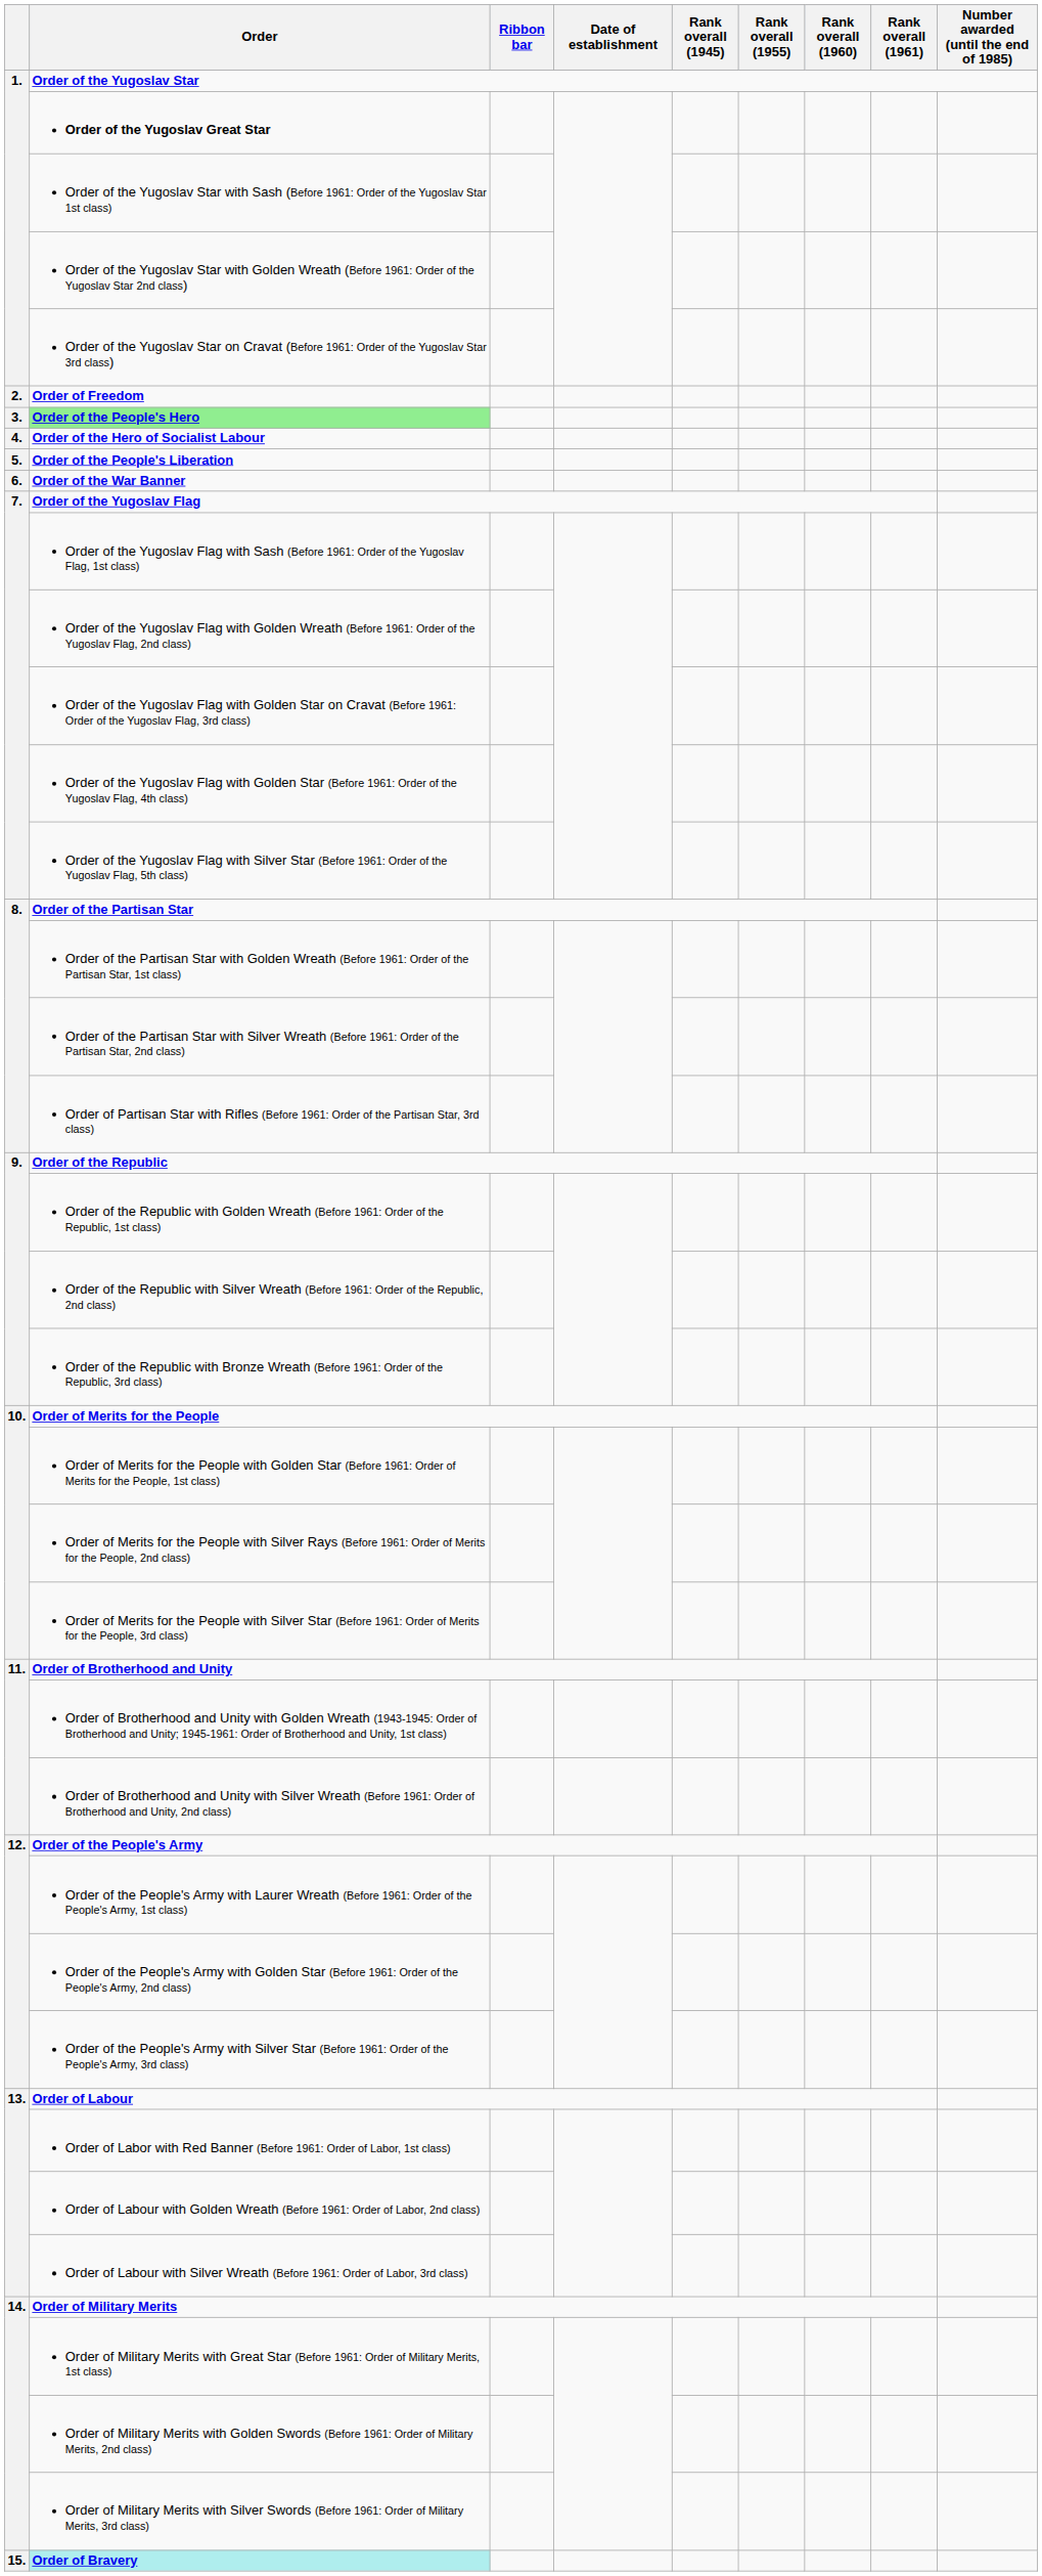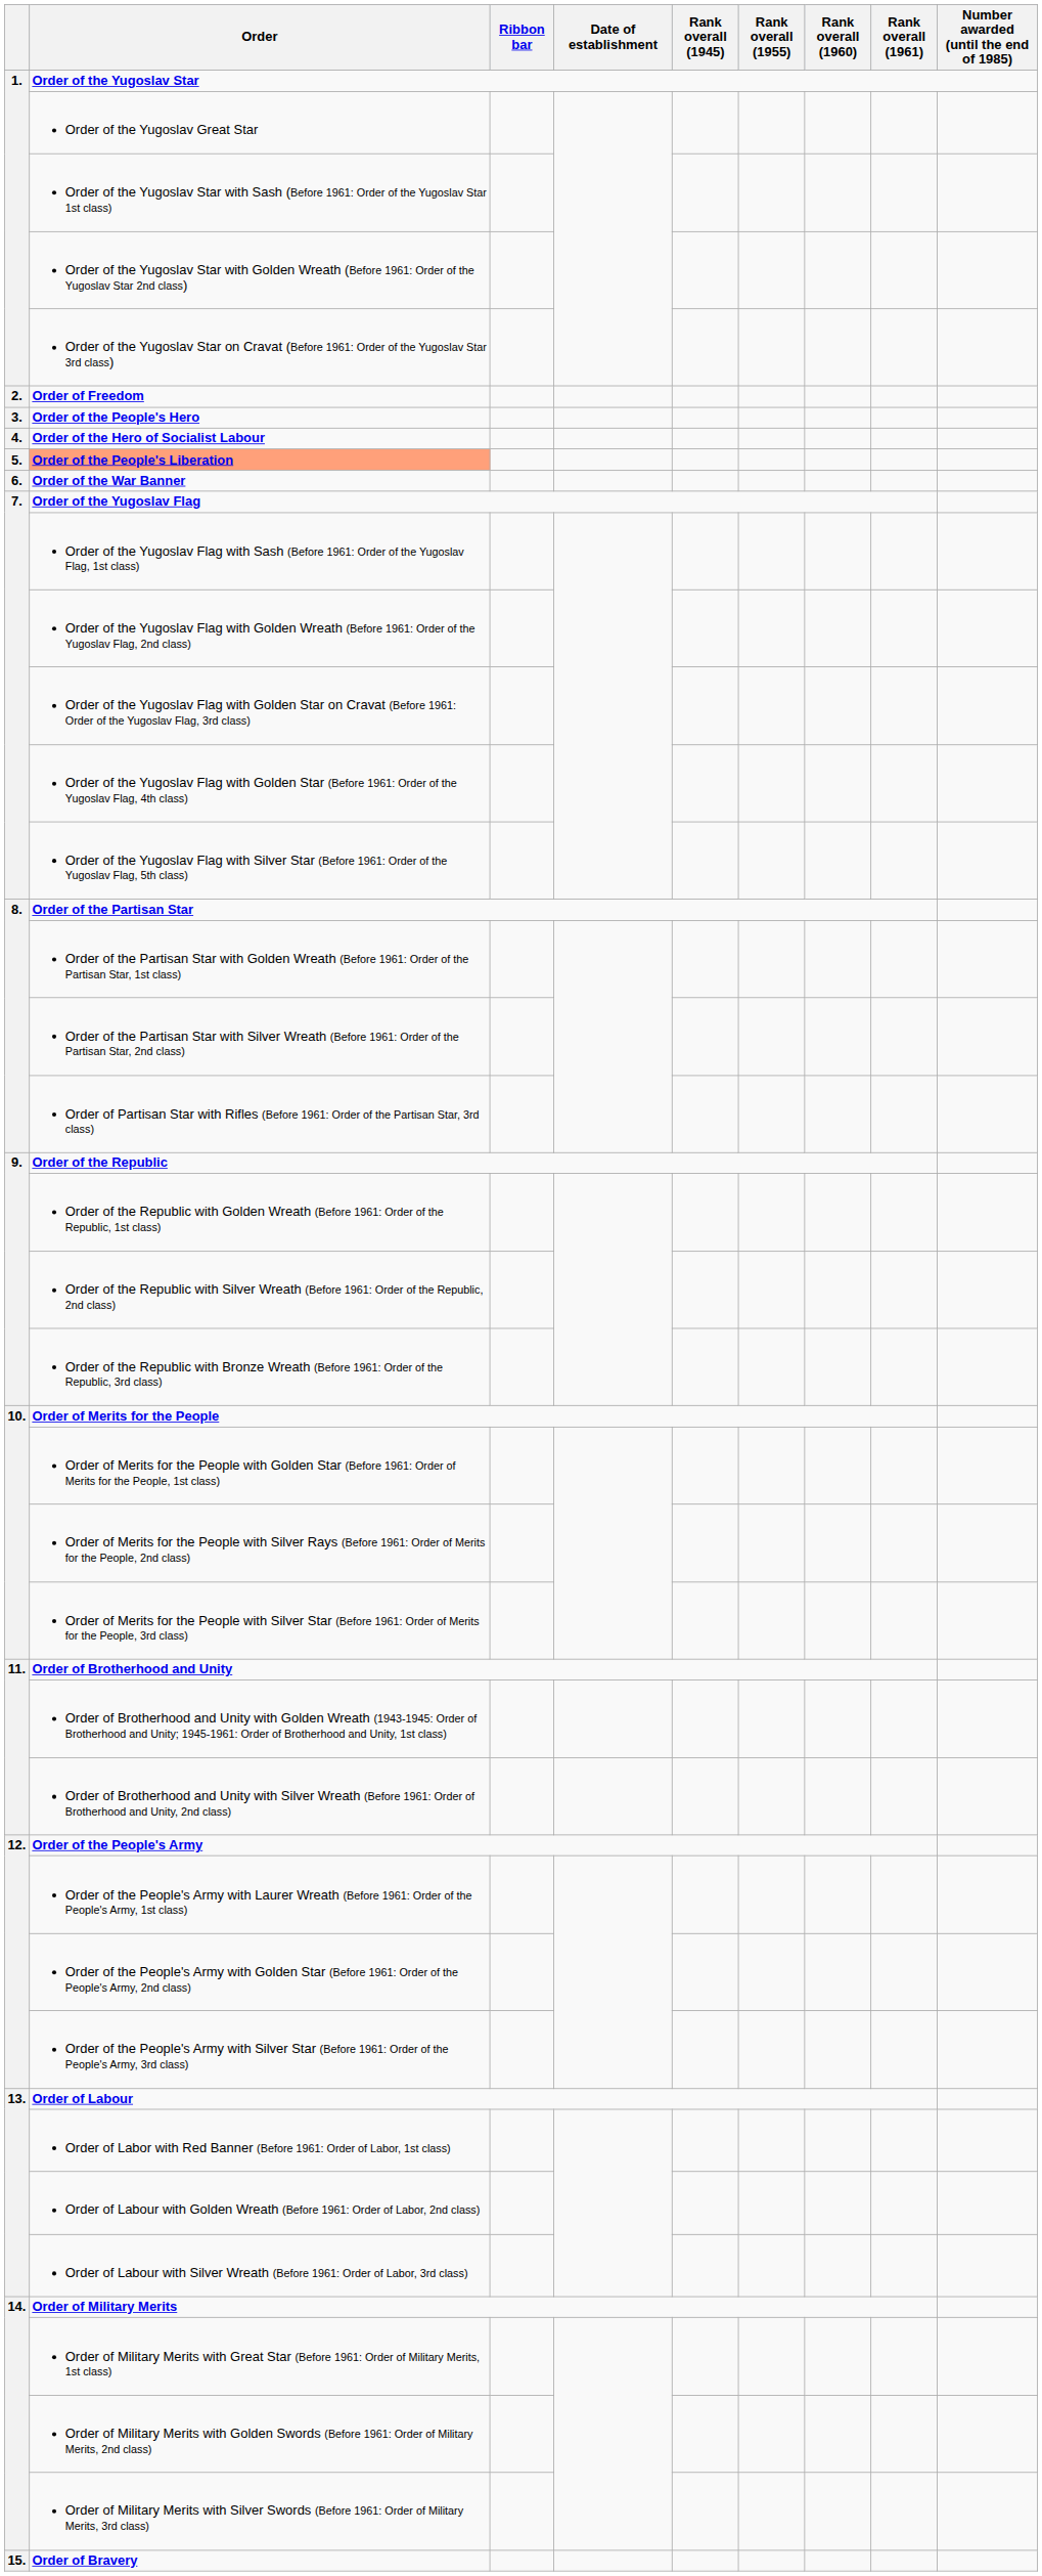 <table class="wikitable">
 <tr align="center" bgcolor="lightsteelblue">
 <th></th>
 <th>Order</th>
 <th><a href='#'>Ribbon bar</a></th>
 <th>Date of establishment</th>
 <th>Rank overall<br>(1945)</th>
 <th>Rank overall<br>(1955)</th>
 <th>Rank overall<br>(1960)</th>
 <th>Rank overall<br>(1961)</th>
 <th>Number awarded<br>(until the end of 1985)</th>
 </tr>
 <tr>
 <th valign="top" rowspan = 5>1.</th>
 <td colspan="8" valign="top"><strong><a href='#'>Order of the Yugoslav Star</a></strong></td>
 </tr>
 <tr f>
-<td><strong><br><ul><li>Order of the Yugoslav Great Star</li></ul></strong></td>
+<td><br><ul><li>Order of the Yugoslav Great Star</li></ul></td>
 <td></td>
 <td rowspan="4"></td>
 <td></td>
 <td></td>
 <td></td>
 <td></td>
 <td></td>
 </tr>
 <tr>
 <td><br><ul><li>Order of the Yugoslav Star with Sash (<small>Before 1961: Order of the Yugoslav Star 1st class)</small></li></ul></td>
 <td></td>
 <td></td>
 <td></td>
 <td></td>
 <td></td>
 <td></td>
 </tr>
 <tr>
 <td><br><ul><li>Order of the Yugoslav Star with Golden Wreath (<small>Before 1961: Order of the Yugoslav Star 2nd class</small>)</li></ul></td>
 <td></td>
 <td></td>
 <td></td>
 <td></td>
 <td></td>
 <td></td>
 </tr>
 <tr>
 <td><br><ul><li>Order of the Yugoslav Star on Cravat (<small>Before 1961: Order of the Yugoslav Star 3rd class</small>)</li></ul></td>
 <td></td>
 <td></td>
 <td></td>
 <td></td>
 <td></td>
 <td></td>
 </tr>
 <tr>
 <th valign="top">2.</th>
 <td valign="top"><strong><a href='#'>Order of Freedom</a></strong></td>
 <td></td>
 <td></td>
 <td></td>
 <td></td>
 <td></td>
 <td></td>
 <td></td>
 </tr>
 <tr>
 <th valign="top">3.</th>
-<td valign="top" style="background: lightgreen;"><strong><a href='#'>Order of the People's Hero</a></strong></td>
+<td valign="top"><strong><a href='#'>Order of the People's Hero</a></strong></td>
 <td></td>
 <td></td>
 <td></td>
 <td></td>
 <td></td>
 <td></td>
 <td></td>
 </tr>
 <tr>
 <th valign="top">4.</th>
 <td valign="top"><strong><a href='#'>Order of the Hero of Socialist Labour</a></strong></td>
 <td></td>
 <td></td>
 <td></td>
 <td></td>
 <td></td>
 <td></td>
 <td></td>
 </tr>
 <tr>
 <th valign="top">5.</th>
-<td valign="top"><strong><a href='#'>Order of the People's Liberation</a></strong></td>
+<td valign="top" style="background: lightsalmon;"><strong><a href='#'>Order of the People's Liberation</a></strong></td>
 <td></td>
 <td></td>
 <td></td>
 <td></td>
 <td></td>
 <td></td>
 <td></td>
 </tr>
 <tr>
 <th valign="top">6.</th>
 <td valign="top"><strong><a href='#'>Order of the War Banner</a></strong></td>
 <td></td>
 <td></td>
 <td></td>
 <td></td>
 <td></td>
 <td></td>
 <td></td>
 </tr>
 <tr>
 <th valign="top" rowspan = 6>7.</th>
 <td colspan="7" valign="top"><strong><a href='#'>Order of the Yugoslav Flag</a></strong></td>
 <td></td>
 </tr>
 <tr>
 <td><br><ul><li>Order of the Yugoslav Flag with Sash <small>(Before 1961: Order of the Yugoslav Flag, 1st class)</small></li></ul></td>
 <td></td>
 <td rowspan="5" valign="center"></td>
 <td></td>
 <td></td>
 <td></td>
 <td></td>
 <td></td>
 </tr>
 <tr>
 <td><br><ul><li>Order of the Yugoslav Flag with Golden Wreath <small>(Before 1961: Order of the Yugoslav Flag, 2nd class)</small></li></ul></td>
 <td></td>
 <td></td>
 <td></td>
 <td></td>
 <td></td>
 <td></td>
 </tr>
 <tr>
 <td><br><ul><li>Order of the Yugoslav Flag with Golden Star on Cravat <small>(Before 1961: Order of the Yugoslav Flag, 3rd class)</small></li></ul></td>
 <td></td>
 <td></td>
 <td></td>
 <td></td>
 <td></td>
 <td></td>
 </tr>
 <tr>
 <td><br><ul><li>Order of the Yugoslav Flag with Golden Star <small>(Before 1961: Order of the Yugoslav Flag, 4th class)</small></li></ul></td>
 <td></td>
 <td></td>
 <td></td>
 <td></td>
 <td></td>
 <td></td>
 </tr>
 <tr>
 <td><br><ul><li>Order of the Yugoslav Flag with Silver Star <small>(Before 1961: Order of the Yugoslav Flag, 5th class)</small></li></ul></td>
 <td></td>
 <td></td>
 <td></td>
 <td></td>
 <td></td>
 <td></td>
 </tr>
 <tr>
 <th valign="top" rowspan = 4>8.</th>
 <td colspan="7" valign="top"><strong><a href='#'>Order of the Partisan Star</a></strong></td>
 </tr>
 <tr>
 <td><br><ul><li>Order of the Partisan Star with Golden Wreath <small>(Before 1961: Order of the Partisan Star, 1st class)</small></li></ul></td>
 <td></td>
 <td valign="center" rowspan = 3></td>
 <td></td>
 <td></td>
 <td></td>
 <td></td>
 <td></td>
 </tr>
 <tr>
 <td><br><ul><li>Order of the Partisan Star with Silver Wreath <small>(Before 1961: Order of the Partisan Star, 2nd class)</small></li></ul></td>
 <td></td>
 <td></td>
 <td></td>
 <td></td>
 <td></td>
 <td></td>
 </tr>
 <tr>
 <td><br><ul><li>Order of Partisan Star with Rifles <small>(Before 1961: Order of the Partisan Star, 3rd class)</small></li></ul></td>
 <td></td>
 <td></td>
 <td></td>
 <td></td>
 <td></td>
 <td></td>
 </tr>
 <tr>
 <th valign="top" rowspan = 4>9.</th>
 <td colspan="7" valign="top"><strong><a href='#'>Order of the Republic</a></strong></td>
 </tr>
 <tr>
 <td><br><ul><li>Order of the Republic with Golden Wreath <small>(Before 1961: Order of the Republic, 1st class)</small></li></ul></td>
 <td></td>
 <td valign="center" rowspan = 3></td>
 <td></td>
 <td></td>
 <td></td>
 <td></td>
 <td></td>
 </tr>
 <tr>
 <td><br><ul><li>Order of the Republic with Silver Wreath <small>(Before 1961: Order of the Republic, 2nd class)</small></li></ul></td>
 <td></td>
 <td></td>
 <td></td>
 <td></td>
 <td></td>
 <td></td>
 </tr>
 <tr>
 <td><br><ul><li>Order of the Republic with Bronze Wreath <small>(Before 1961: Order of the Republic, 3rd class)</small></li></ul></td>
 <td></td>
 <td></td>
 <td></td>
 <td></td>
 <td></td>
 <td></td>
 </tr>
 <tr>
 <th valign="top" rowspan = 4>10.</th>
 <td colspan="7" valign="top"><strong><a href='#'>Order of Merits for the People</a></strong></td>
 </tr>
 <tr>
 <td><br><ul><li>Order of Merits for the People with Golden Star <small>(Before 1961: Order of Merits for the People, 1st class)</small></li></ul></td>
 <td></td>
 <td valign="center" rowspan = 3></td>
 <td></td>
 <td></td>
 <td></td>
 <td></td>
 <td></td>
 </tr>
 <tr>
 <td><br><ul><li>Order of Merits for the People with Silver Rays <small>(Before 1961: Order of Merits for the People, 2nd class)</small></li></ul></td>
 <td></td>
 <td></td>
 <td></td>
 <td></td>
 <td></td>
 <td></td>
 </tr>
 <tr>
 <td><br><ul><li>Order of Merits for the People with Silver Star <small>(Before 1961: Order of Merits for the People, 3rd class)</small></li></ul></td>
 <td></td>
 <td></td>
 <td></td>
 <td></td>
 <td></td>
 <td></td>
 </tr>
 <tr>
 <th rowspan="3" valign="top">11.</th>
 <td colspan="7" valign="top"><strong><a href='#'>Order of Brotherhood and Unity</a></strong></td>
 </tr>
 <tr>
 <td><br><ul><li>Order of Brotherhood and Unity with Golden Wreath <small>(1943-1945:  Order of Brotherhood and Unity; 1945-1961: Order of Brotherhood and Unity, 1st class)</small></li></ul></td>
 <td></td>
 <td valign="center"></td>
 <td></td>
 <td></td>
 <td></td>
 <td></td>
 <td></td>
 </tr>
 <tr>
 <td><br><ul><li>Order of Brotherhood and Unity with Silver Wreath <small>(Before 1961: Order of Brotherhood and Unity, 2nd class)</small></li></ul></td>
 <td></td>
 <td></td>
 <td></td>
 <td></td>
 <td></td>
 <td></td>
 <td></td>
 </tr>
 <tr>
 <th rowspan="4" valign="top">12.</th>
 <td colspan="7" valign="top"><strong><a href='#'>Order of the People's Army</a></strong></td>
 </tr>
 <tr>
 <td><br><ul><li>Order of the People's Army with Laurer Wreath <small>(Before 1961: Order of the People's Army, 1st class)</small></li></ul></td>
 <td></td>
 <td rowspan="3" valign="center"></td>
 <td></td>
 <td></td>
 <td></td>
 <td></td>
 <td></td>
 </tr>
 <tr>
 <td><br><ul><li>Order of the People's Army with Golden Star <small>(Before 1961: Order of the People's Army, 2nd class)</small></li></ul></td>
 <td></td>
 <td></td>
 <td></td>
 <td></td>
 <td></td>
 <td></td>
 </tr>
 <tr>
 <td><br><ul><li>Order of the People's Army with Silver Star <small>(Before 1961: Order of the People's Army, 3rd class)</small></li></ul></td>
 <td></td>
 <td></td>
 <td></td>
 <td></td>
 <td></td>
 <td></td>
 </tr>
 <tr>
 <th rowspan="4" valign="top">13.</th>
 <td colspan="7" valign="top"><strong><a href='#'>Order of Labour</a></strong></td>
 </tr>
 <tr>
 <td><br><ul><li>Order of Labor with Red Banner <small>(Before 1961: Order of Labor, 1st class)</small></li></ul></td>
 <td></td>
 <td rowspan="3" valign="center"></td>
 <td></td>
 <td></td>
 <td></td>
 <td></td>
 <td></td>
 </tr>
 <tr>
 <td><br><ul><li>Order of Labour with Golden Wreath <small>(Before 1961: Order of Labor, 2nd class)</small></li></ul></td>
 <td></td>
 <td></td>
 <td></td>
 <td></td>
 <td></td>
 <td></td>
 </tr>
 <tr>
 <td><br><ul><li>Order of Labour with Silver Wreath <small>(Before 1961: Order of Labor, 3rd class)</small></li></ul></td>
 <td></td>
 <td></td>
 <td></td>
 <td></td>
 <td></td>
 <td></td>
 </tr>
 <tr>
 <th rowspan="4" valign="top">14.</th>
 <td colspan="7" valign="top"><strong><a href='#'>Order of Military Merits</a></strong></td>
 </tr>
 <tr>
 <td><br><ul><li>Order of Military Merits with Great Star <small>(Before 1961: Order of Military Merits, 1st class)</small></li></ul></td>
 <td></td>
 <td rowspan="3" valign="center"></td>
 <td></td>
 <td></td>
 <td></td>
 <td></td>
 <td></td>
 </tr>
 <tr>
 <td><br><ul><li>Order of Military Merits with Golden Swords <small>(Before 1961: Order of Military Merits, 2nd class)</small></li></ul></td>
 <td></td>
 <td></td>
 <td></td>
 <td></td>
 <td></td>
 <td></td>
 </tr>
 <tr>
 <td><br><ul><li>Order of Military Merits with Silver Swords <small>(Before 1961: Order of Military Merits, 3rd class)</small></li></ul></td>
 <td></td>
 <td></td>
 <td></td>
 <td></td>
 <td></td>
 <td></td>
 </tr>
 <tr>
 <th valign="top">15.</th>
-<td valign="top" style="background: paleturquoise;"><strong><a href='#'>Order of Bravery</a></strong></td>
+<td valign="top"><strong><a href='#'>Order of Bravery</a></strong></td>
 <td></td>
 <td></td>
 <td></td>
 <td></td>
 <td></td>
 <td></td>
 <td></td>
 </tr>
 </table>
